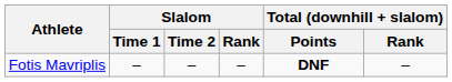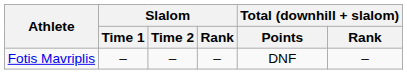 <table class="wikitable" style="font-size:90%">
 <tr>
 <th rowspan="2">Athlete</th>
 <th colspan="3">Slalom</th>
 <th colspan="2">Total (downhill + slalom)</th>
 </tr>
 <tr>
 <th>Time 1</th>
 <th>Time 2</th>
 <th>Rank</th>
 <th>Points</th>
 <th>Rank</th>
 </tr>
 <tr>
 <td><a href='#'>Fotis Mavriplis</a></td>
 <td align="center">–</td>
 <td align="center">–</td>
 <td align="center">–</td>
-<td align="center"><strong>DNF</strong></td>
+<td align="center">DNF</td>
 <td align="center">–</td>
 </tr>
 </table>
